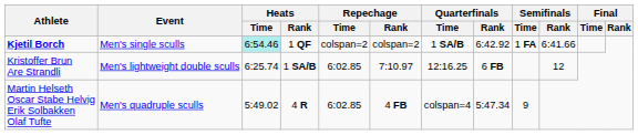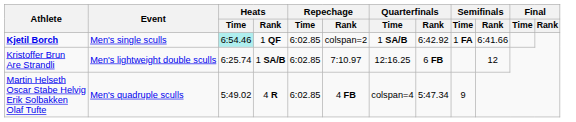 <table class="wikitable" style="font-size:90%">
 <tr>
 <th rowspan="2">Athlete</th>
 <th rowspan="2">Event</th>
 <th colspan="2">Heats</th>
 <th colspan="2">Repechage</th>
 <th colspan="2">Quarterfinals</th>
 <th colspan="2">Semifinals</th>
 <th colspan="2">Final</th>
 </tr>
 <tr style="font-size:95%">
 <th>Time</th>
 <th>Rank</th>
 <th>Time</th>
 <th>Rank</th>
 <th>Time</th>
 <th>Rank</th>
 <th>Time</th>
 <th>Rank</th>
 <th>Time</th>
 <th>Rank</th>
 </tr>
 <tr align=center>
 <td align=left><strong><a href='#'>Kjetil Borch</a></strong></td>
 <td align=left><a href='#'>Men's single sculls</a></td>
 <td style="background: paleturquoise;">6:54.46</td>
 <td>1 <strong>QF</strong></td>
-<td>colspan=2 </td>
+<td>6:02.85</td>
 <td>colspan=2 </td>
 <td>1 <strong>SA/B</strong></td>
 <td>6:42.92</td>
 <td>1 <strong>FA</strong></td>
 <td>6:41.66</td>
 <td></td>
 </tr>
 <tr align=center>
 <td align=left><a href='#'>Kristoffer Brun</a><br><a href='#'>Are Strandli</a></td>
 <td align=left><a href='#'>Men's lightweight double sculls</a></td>
 <td>6:25.74</td>
 <td>1 <strong>SA/B</strong></td>
 <td>6:02.85</td>
 <td>7:10.97</td>
 <td>12:16.25</td>
 <td>6 <strong>FB</strong></td>
 <td></td>
 <td>12</td>
 </tr>
 <tr align=center>
 <td align=left><a href='#'>Martin Helseth</a><br><a href='#'>Oscar Stabe Helvig</a><br><a href='#'>Erik Solbakken</a><br><a href='#'>Olaf Tufte</a></td>
 <td align=left><a href='#'>Men's quadruple sculls</a></td>
 <td>5:49.02</td>
 <td>4 <strong>R</strong></td>
 <td>6:02.85</td>
 <td>4 <strong>FB</strong></td>
 <td>colspan=4 </td>
 <td>5:47.34</td>
 <td>9</td>
 </tr>
 </table>
